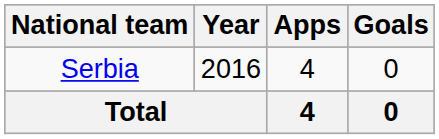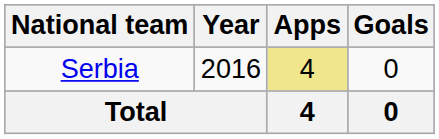 <table class="wikitable" style="text-align:center">
 <tr>
 <th>National team</th>
 <th>Year</th>
 <th>Apps</th>
 <th>Goals</th>
 </tr>
 <tr>
 <td rowspan="1"><a href='#'>Serbia</a></td>
 <td>2016</td>
-<td>4</td>
+<td style="background: khaki;">4</td>
 <td>0</td>
 </tr>
 <tr>
 <th colspan="2">Total</th>
 <th>4</th>
 <th>0</th>
 </tr>
 </table>
